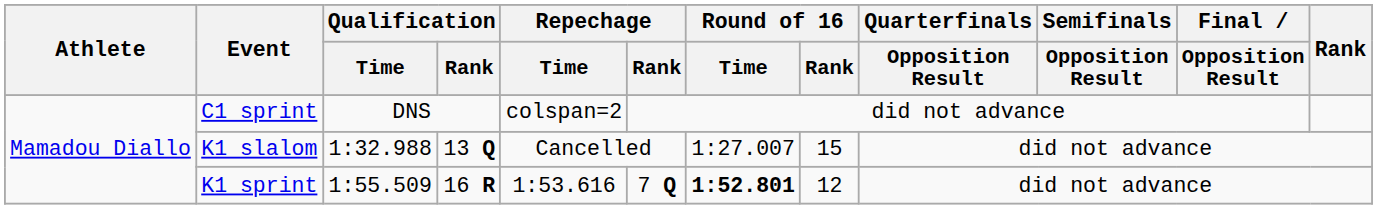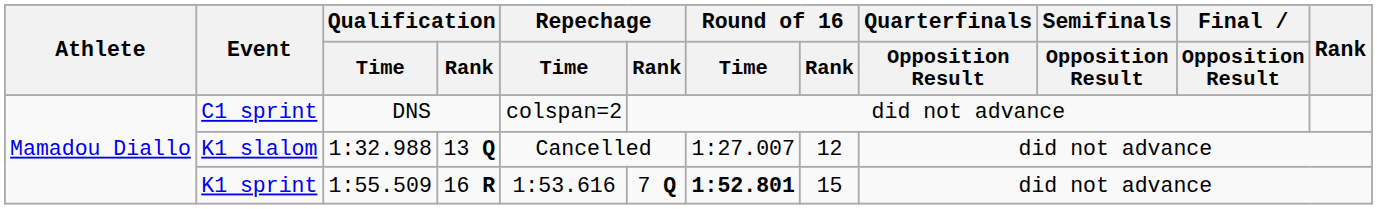 <table class="wikitable" style="font-size:90%;">
 <tr>
 <th rowspan=2>Athlete</th>
 <th rowspan=2>Event</th>
 <th colspan=2>Qualification</th>
 <th colspan=2>Repechage</th>
 <th colspan=2>Round of 16</th>
 <th>Quarterfinals</th>
 <th>Semifinals</th>
 <th>Final / </th>
 <th rowspan=2>Rank</th>
 </tr>
 <tr style="font-size:95%">
 <th>Time</th>
 <th>Rank</th>
 <th>Time</th>
 <th>Rank</th>
 <th>Time</th>
 <th>Rank</th>
 <th>Opposition <br>Result</th>
 <th>Opposition <br>Result</th>
 <th>Opposition <br>Result</th>
 </tr>
 <tr align=center>
 <td rowspan=3 align=left><a href='#'>Mamadou Diallo</a></td>
 <td align=left><a href='#'>C1 sprint</a></td>
 <td colspan=2>DNS</td>
 <td>colspan=2 </td>
 <td colspan=6>did not advance</td>
 </tr>
 <tr align=center>
 <td align=left><a href='#'>K1 slalom</a></td>
 <td>1:32.988</td>
 <td>13 <strong>Q</strong></td>
 <td colspan=2>Cancelled</td>
 <td>1:27.007</td>
-<td>15</td>
+<td>12</td>
 <td colspan=4>did not advance</td>
 </tr>
 <tr align=center>
 <td align=left><a href='#'>K1 sprint</a></td>
 <td>1:55.509</td>
 <td>16 <strong>R</strong></td>
 <td>1:53.616</td>
 <td>7 <strong>Q</strong></td>
 <td><strong>1:52.801</strong></td>
-<td>12</td>
+<td>15</td>
 <td colspan=4>did not advance</td>
 </tr>
 </table>
